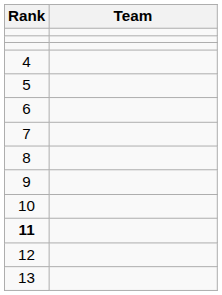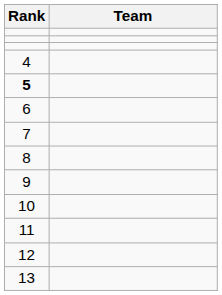 <table class="wikitable">
 <tr>
 <th>Rank</th>
 <th width=170>Team</th>
 </tr>
 <tr>
 <td align=center></td>
 <td></td>
 </tr>
 <tr>
 <td align=center></td>
 <td></td>
 </tr>
 <tr>
 <td align=center></td>
 <td></td>
 </tr>
 <tr>
 <td align=center>4</td>
 <td></td>
 </tr>
 <tr>
-<td align=center>5</td>
+<td align=center><strong>5</strong></td>
 <td></td>
 </tr>
 <tr>
 <td align=center>6</td>
 <td></td>
 </tr>
 <tr>
 <td align=center>7</td>
 <td></td>
 </tr>
 <tr>
 <td align=center>8</td>
 <td></td>
 </tr>
 <tr>
 <td align=center>9</td>
 <td></td>
 </tr>
 <tr>
 <td align=center>10</td>
 <td></td>
 </tr>
 <tr>
-<td align=center><strong>11</strong></td>
+<td align=center>11</td>
 <td></td>
 </tr>
 <tr>
 <td align=center>12</td>
 <td></td>
 </tr>
 <tr>
 <td align=center>13</td>
 <td></td>
 </tr>
 </table>
